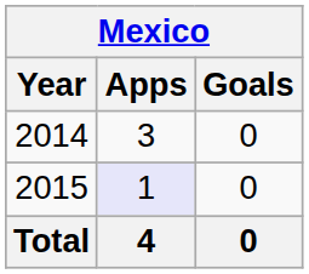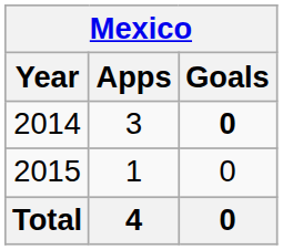 <table class="wikitable" style="text-align:center">
 <tr>
 <th colspan=4><a href='#'>Mexico</a></th>
 </tr>
 <tr>
 <th>Year</th>
 <th>Apps</th>
 <th>Goals</th>
 </tr>
 <tr>
 <td>2014</td>
 <td>3</td>
-<td>0</td>
+<td><strong>0</strong></td>
 </tr>
 <tr>
 <td>2015</td>
-<td style="background: lavender;">1</td>
+<td>1</td>
 <td>0</td>
 </tr>
 <tr>
 <th>Total</th>
 <th>4</th>
 <th>0</th>
 </tr>
 </table>
